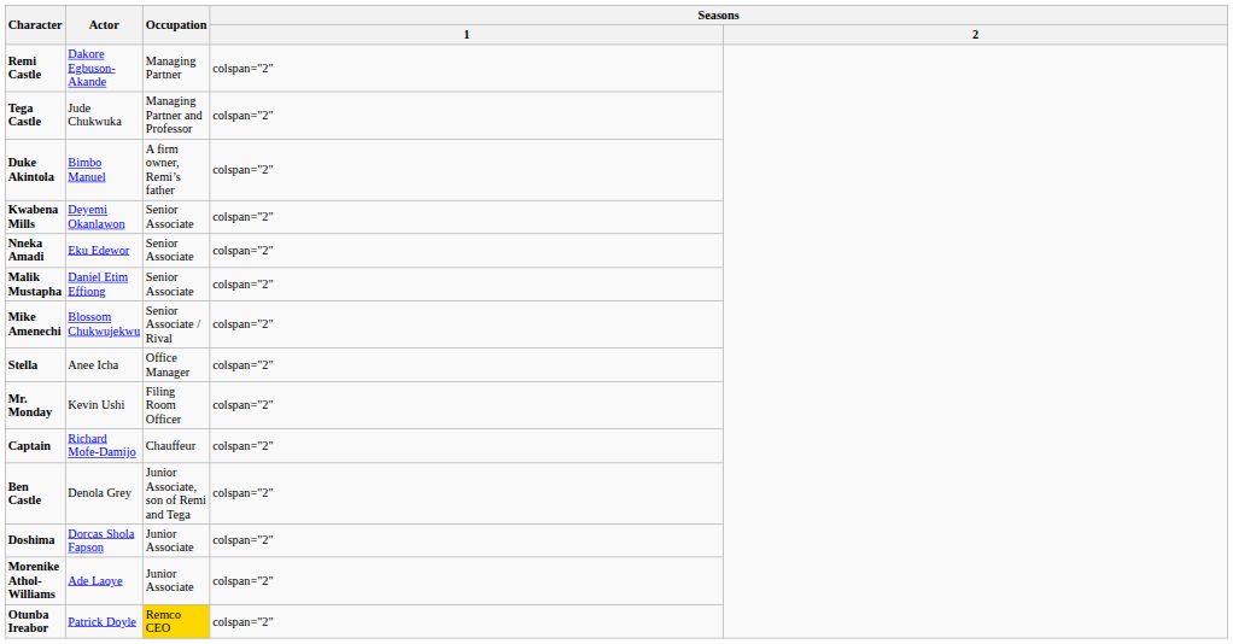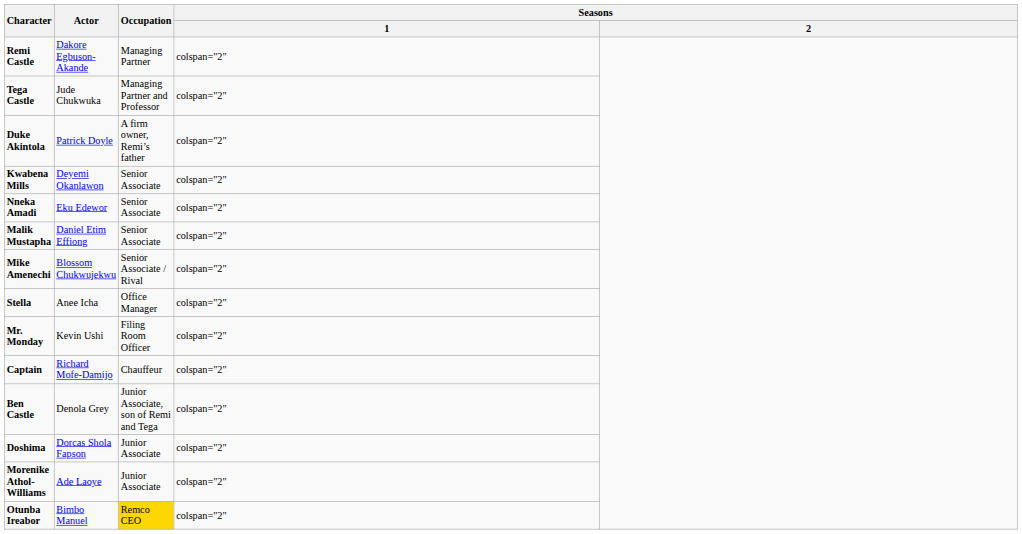 <table class="wikitable sortable" style="width:100%;">
 <tr>
 <th rowspan="2">Character</th>
 <th rowspan="2">Actor</th>
 <th rowspan="2">Occupation</th>
 <th colspan="2">Seasons</th>
 </tr>
 <tr>
 <th style="width:50%;">1</th>
 <th style="width:50%;">2</th>
 </tr>
 <tr>
 <td><strong>Remi Castle</strong></td>
 <td><a href='#'>Dakore Egbuson-Akande</a></td>
 <td data-sort-value="1">Managing Partner</td>
 <td>colspan="2" </td>
 </tr>
 <tr>
 <td><strong>Tega Castle</strong></td>
 <td>Jude Chukwuka</td>
 <td data-sort-value="1">Managing Partner and Professor</td>
 <td>colspan="2" </td>
 </tr>
 <tr>
 <td><strong>Duke Akintola</strong></td>
-<td><a href='#'>Bimbo Manuel</a></td>
+<td><a href='#'>Patrick Doyle</a></td>
 <td data-sort-value="1">A firm owner, Remi’s father</td>
 <td>colspan="2" </td>
 </tr>
 <tr>
 <td><strong>Kwabena Mills</strong></td>
 <td><a href='#'>Deyemi Okanlawon</a></td>
 <td data-sort-value="2">Senior Associate</td>
 <td>colspan="2" </td>
 </tr>
 <tr>
 <td><strong>Nneka Amadi</strong></td>
 <td><a href='#'>Eku Edewor</a></td>
 <td data-sort-value="2">Senior Associate</td>
 <td>colspan="2" </td>
 </tr>
 <tr>
 <td><strong>Malik Mustapha</strong></td>
 <td><a href='#'>Daniel Etim Effiong</a></td>
 <td data-sort-value="2">Senior Associate</td>
 <td>colspan="2" </td>
 </tr>
 <tr>
 <td><strong>Mike Amenechi</strong></td>
 <td><a href='#'>Blossom Chukwujekwu</a></td>
 <td data-sort-value="2">Senior Associate / Rival</td>
 <td>colspan="2" </td>
 </tr>
 <tr>
 <td><strong>Stella</strong></td>
 <td>Anee Icha</td>
 <td data-sort-value="3">Office Manager</td>
 <td>colspan="2" </td>
 </tr>
 <tr>
 <td><strong>Mr. Monday</strong></td>
 <td>Kevin Ushi</td>
 <td data-sort-value="3">Filing Room Officer</td>
 <td>colspan="2" </td>
 </tr>
 <tr>
 <td><strong>Captain</strong></td>
 <td><a href='#'>Richard Mofe-Damijo</a></td>
 <td data-sort-value="3">Chauffeur</td>
 <td>colspan="2" </td>
 </tr>
 <tr>
 <td><strong>Ben Castle</strong></td>
 <td>Denola Grey</td>
 <td data-sort-value="4">Junior Associate, son of Remi and Tega</td>
 <td>colspan="2" </td>
 </tr>
 <tr>
 <td><strong>Doshima</strong></td>
 <td><a href='#'>Dorcas Shola Fapson</a></td>
 <td data-sort-value="4">Junior Associate</td>
 <td>colspan="2" </td>
 </tr>
 <tr>
 <td><strong>Morenike Athol-Williams</strong></td>
 <td><a href='#'>Ade Laoye</a></td>
 <td data-sort-value="4">Junior Associate</td>
 <td>colspan="2" </td>
 </tr>
 <tr>
 <td><strong>Otunba Ireabor</strong></td>
-<td><a href='#'>Patrick Doyle</a></td>
+<td><a href='#'>Bimbo Manuel</a></td>
 <td data-sort-value="5" style="background: gold;">Remco CEO</td>
 <td>colspan="2" </td>
 </tr>
 </table>
